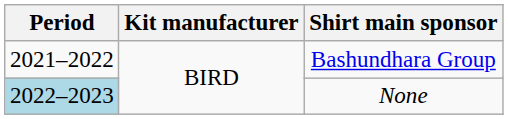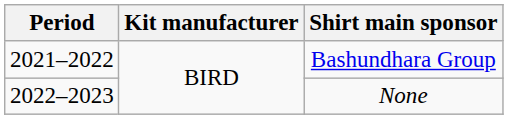 <table class="wikitable" style="text-align: center">
 <tr>
 <th>Period</th>
 <th>Kit manufacturer</th>
 <th>Shirt main sponsor</th>
 </tr>
 <tr>
 <td>2021–2022</td>
 <td rowspan="2">BIRD</td>
 <td><a href='#'>Bashundhara Group</a></td>
 </tr>
 <tr>
-<td style="background: lightblue;">2022–2023</td>
+<td>2022–2023</td>
 <td><em>None</em></td>
 </tr>
 </table>
